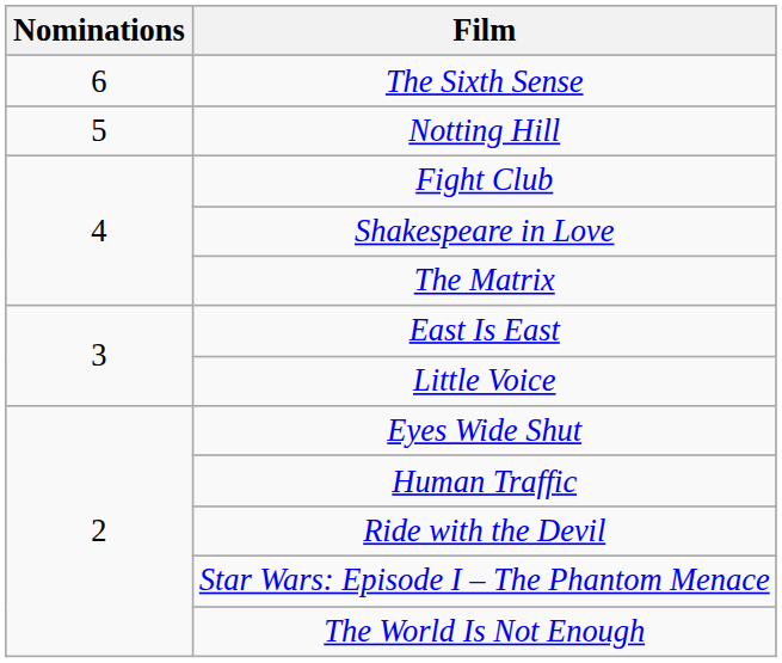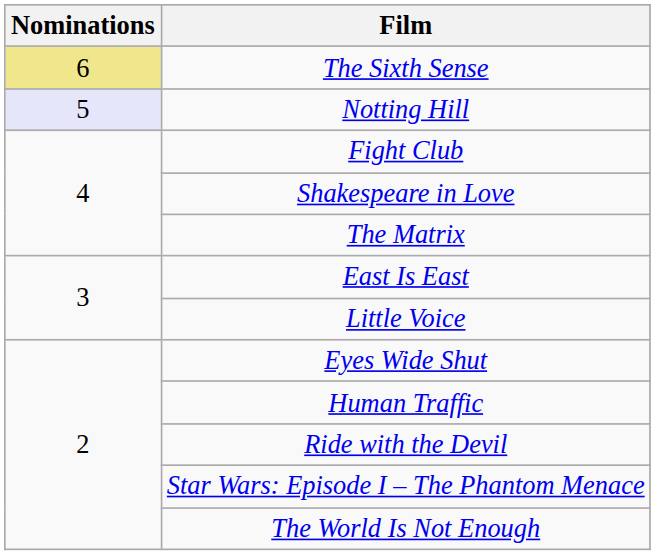 <table class="wikitable" style="text-align: center;">
 <tr>
 <th scope="col" width="55">Nominations</th>
 <th scope="col">Film</th>
 </tr>
 <tr>
-<td>6</td>
+<td style="background: khaki;">6</td>
 <td><em><a href='#'>The Sixth Sense</a></em></td>
 </tr>
 <tr>
-<td>5</td>
+<td style="background: lavender;">5</td>
 <td><em><a href='#'>Notting Hill</a></em></td>
 </tr>
 <tr>
 <td rowspan=3>4</td>
 <td><em><a href='#'>Fight Club</a></em></td>
 </tr>
 <tr>
 <td><em><a href='#'>Shakespeare in Love</a></em></td>
 </tr>
 <tr>
 <td><em><a href='#'>The Matrix</a></em></td>
 </tr>
 <tr>
 <td rowspan=2>3</td>
 <td><em><a href='#'>East Is East</a></em></td>
 </tr>
 <tr>
 <td><em><a href='#'>Little Voice</a></em></td>
 </tr>
 <tr>
 <td rowspan=5>2</td>
 <td><em><a href='#'>Eyes Wide Shut</a></em></td>
 </tr>
 <tr>
 <td><em><a href='#'>Human Traffic</a></em></td>
 </tr>
 <tr>
 <td><em><a href='#'>Ride with the Devil</a></em></td>
 </tr>
 <tr>
 <td><em><a href='#'>Star Wars: Episode I – The Phantom Menace</a></em></td>
 </tr>
 <tr>
 <td><em><a href='#'>The World Is Not Enough</a></em></td>
 </tr>
 </table>
